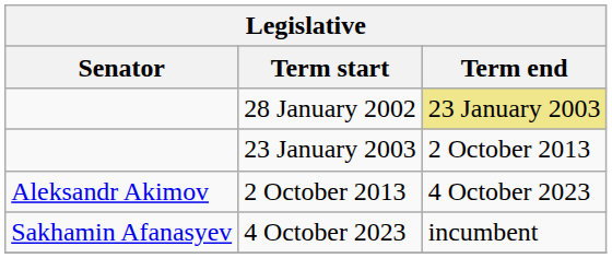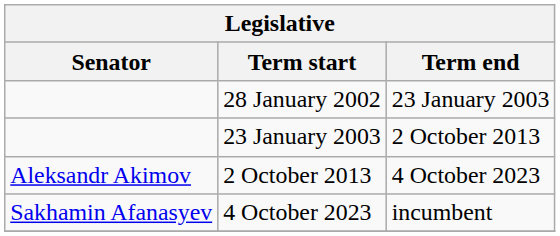 <table class="wikitable sortable">
 <tr>
 <th colspan=3>Legislative</th>
 </tr>
 <tr>
 <th>Senator</th>
 <th>Term start</th>
 <th>Term end</th>
 </tr>
 <tr>
 <td></td>
 <td>28 January 2002</td>
-<td style="background: khaki;">23 January 2003</td>
+<td>23 January 2003</td>
 </tr>
 <tr>
 <td></td>
 <td>23 January 2003</td>
 <td>2 October 2013</td>
 </tr>
 <tr>
 <td><a href='#'>Aleksandr Akimov</a></td>
 <td>2 October 2013</td>
 <td>4 October 2023</td>
 </tr>
 <tr>
 <td><a href='#'>Sakhamin Afanasyev</a></td>
 <td>4 October 2023</td>
 <td>incumbent</td>
 </tr>
 <tr>
 </tr>
 </table>
